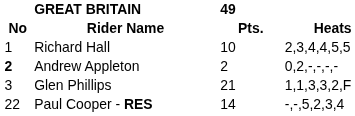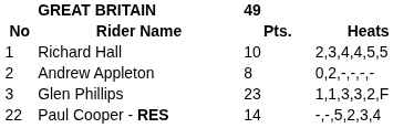 <table class="toccolours">
 <tr>
 <td></td>
 <td><strong>GREAT BRITAIN</strong></td>
 <td><strong>49</strong></td>
 </tr>
 <tr style="background-color:">
 <th width=30px>No</th>
 <th width=210px>Rider Name</th>
 <th width=70px>Pts.</th>
 <th width=110px>Heats</th>
 </tr>
 <tr style="background-color:">
 <td>1</td>
 <td>Richard Hall</td>
 <td>10</td>
 <td>2,3,4,4,5,5</td>
 </tr>
 <tr style="background-color:">
-<td><strong>2</strong></td>
+<td>2</td>
 <td>Andrew Appleton</td>
-<td>2</td>
+<td>8</td>
 <td>0,2,-,-,-,-</td>
 </tr>
 <tr style="background-color:">
 <td>3</td>
 <td>Glen Phillips</td>
-<td>21</td>
+<td>23</td>
 <td>1,1,3,3,2,F</td>
 </tr>
 <tr style="background-color:">
 <td>22</td>
 <td>Paul Cooper - <strong>RES</strong></td>
 <td>14</td>
 <td>-,-,5,2,3,4</td>
 </tr>
 </table>
